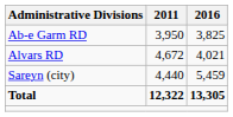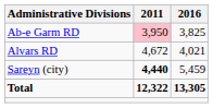 <table class="wikitable">
 <tr>
 <th>Administrative Divisions</th>
 <th>2011</th>
 <th>2016</th>
 </tr>
 <tr>
 <td><a href='#'>Ab-e Garm RD</a></td>
-<td style="text-align: right;">3,950</td>
+<td style="background: pink; text-align: right;">3,950</td>
 <td style="text-align: right;">3,825</td>
 </tr>
 <tr>
 <td><a href='#'>Alvars RD</a></td>
 <td style="text-align: right;">4,672</td>
 <td style="text-align: right;">4,021</td>
 </tr>
 <tr>
 <td><a href='#'>Sareyn</a> (city)</td>
-<td style="text-align: right;">4,440</td>
+<td style="text-align: right;"><strong>4,440</strong></td>
 <td style="text-align: right;">5,459</td>
 </tr>
 <tr>
 <td><strong>Total</strong></td>
 <td style="text-align: right;"><strong>12,322</strong></td>
 <td style="text-align: right;"><strong>13,305</strong></td>
 </tr>
 <tr>
 <td colspan=3></td>
 </tr>
 </table>
